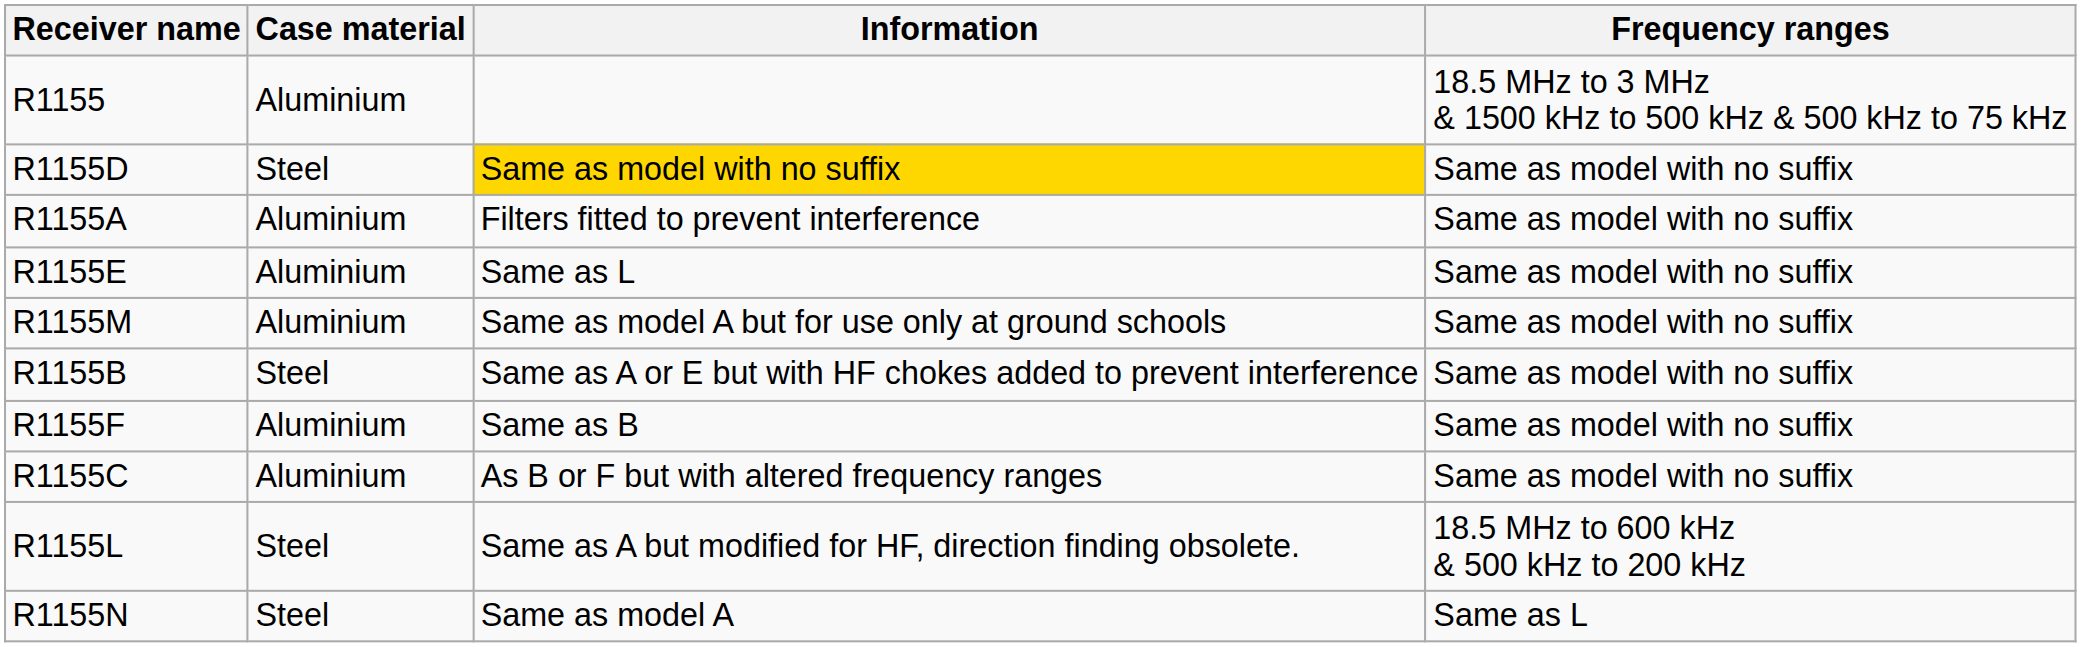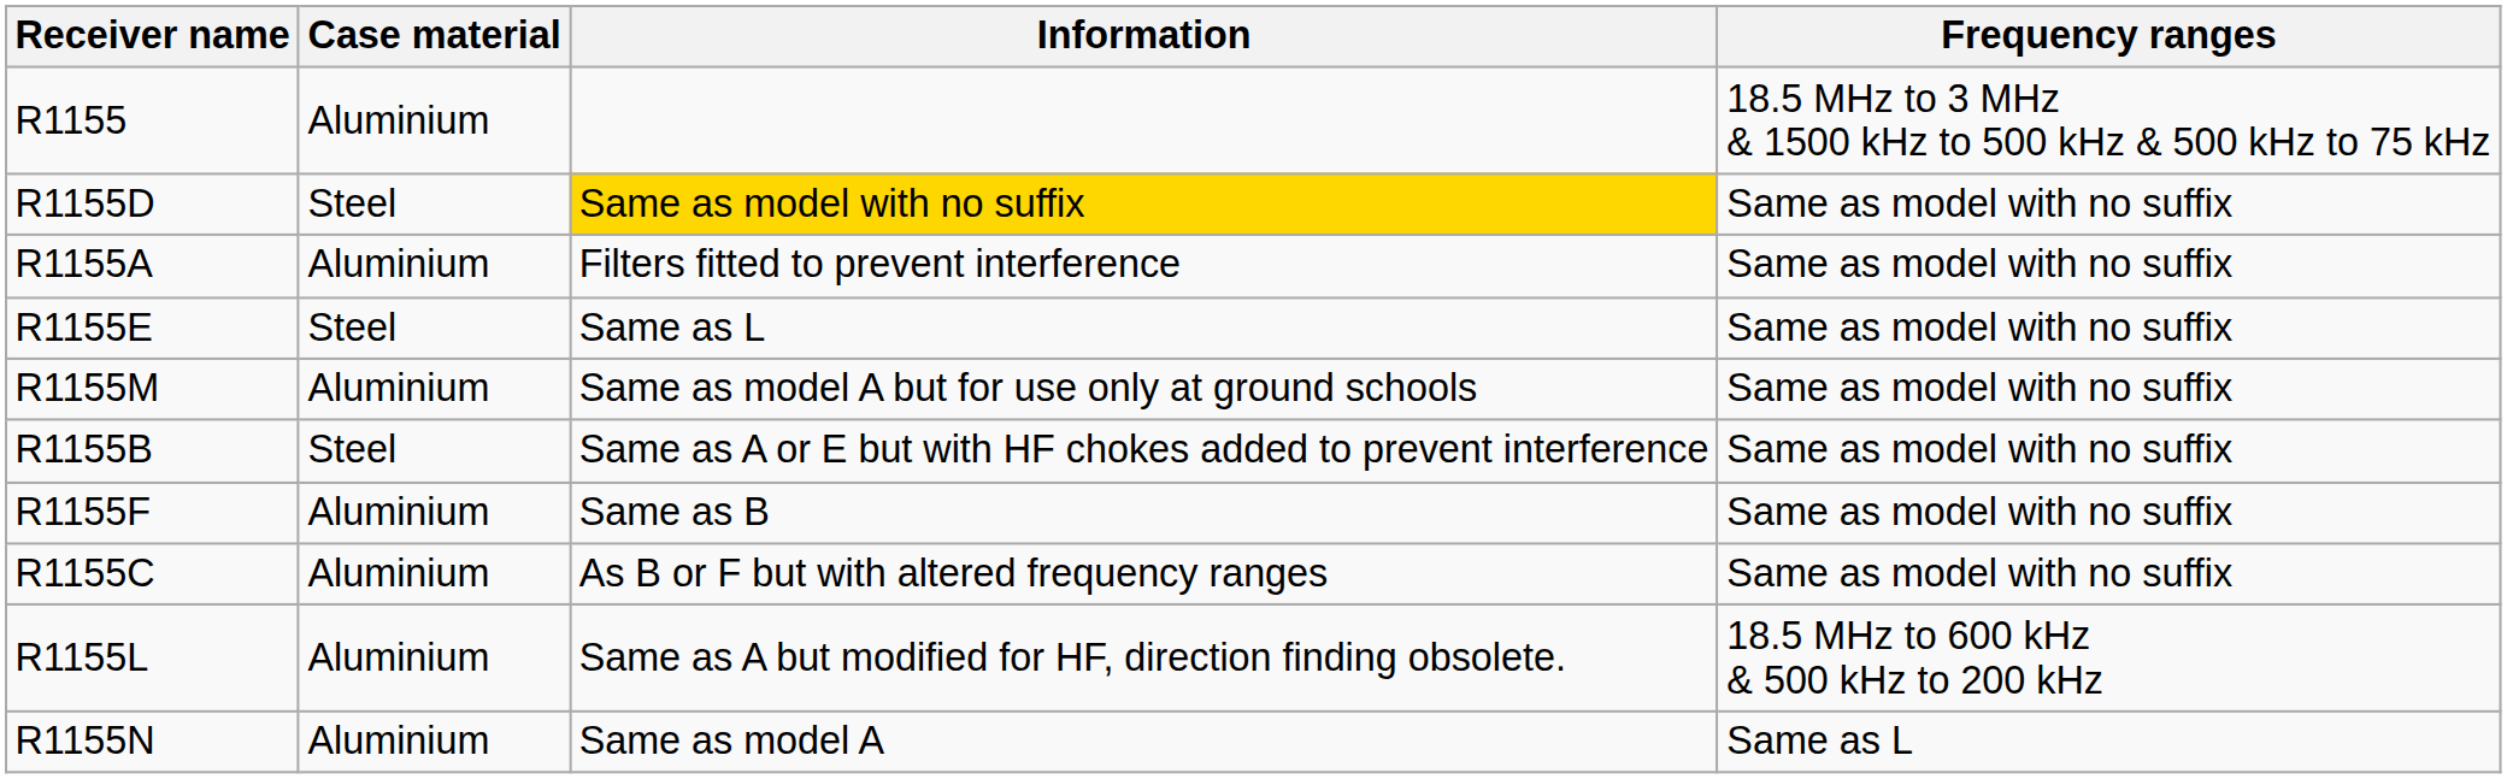 <table class="wikitable">
 <tr>
 <th>Receiver name</th>
 <th>Case material</th>
 <th>Information</th>
 <th>Frequency ranges</th>
 </tr>
 <tr>
 <td>R1155</td>
 <td>Aluminium</td>
 <td></td>
 <td>18.5 MHz to 3 MHz<br>& 1500 kHz to 500 kHz & 500 kHz to 75 kHz</td>
 </tr>
 <tr>
 <td>R1155D</td>
 <td>Steel</td>
 <td style="background: gold;">Same as model with no suffix</td>
 <td>Same as model with no suffix</td>
 </tr>
 <tr>
 <td>R1155A</td>
 <td>Aluminium</td>
 <td>Filters fitted to prevent interference</td>
 <td>Same as model with no suffix</td>
 </tr>
 <tr>
 <td>R1155E</td>
-<td>Aluminium</td>
+<td>Steel</td>
 <td>Same as L</td>
 <td>Same as model with no suffix</td>
 </tr>
 <tr>
 <td>R1155M</td>
 <td>Aluminium</td>
 <td>Same as model A but for use only at ground schools</td>
 <td>Same as model with no suffix</td>
 </tr>
 <tr>
 <td>R1155B</td>
 <td>Steel</td>
 <td>Same as A or E but with HF chokes added to prevent interference</td>
 <td>Same as model with no suffix</td>
 </tr>
 <tr>
 <td>R1155F</td>
 <td>Aluminium</td>
 <td>Same as B</td>
 <td>Same as model with no suffix</td>
 </tr>
 <tr>
 <td>R1155C</td>
 <td>Aluminium</td>
 <td>As B or F but with altered frequency ranges</td>
 <td>Same as model with no suffix</td>
 </tr>
 <tr>
 <td>R1155L</td>
-<td>Steel</td>
+<td>Aluminium</td>
 <td>Same as A but modified for HF, direction finding obsolete.</td>
 <td>18.5 MHz to 600 kHz<br>& 500 kHz to 200 kHz</td>
 </tr>
 <tr>
 <td>R1155N</td>
-<td>Steel</td>
+<td>Aluminium</td>
 <td>Same as model A</td>
 <td>Same as L</td>
 </tr>
 </table>
